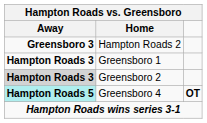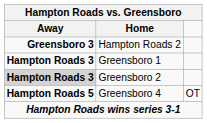 <table class="wikitable">
 <tr>
 <th bgcolor="#DDDDDD" colspan="4">Hampton Roads vs. Greensboro</th>
 </tr>
 <tr>
 <th>Away</th>
 <th>Home</th>
 </tr>
 <tr>
 <td align="right"><strong>Greensboro 3</strong></td>
 <td>Hampton Roads 2</td>
 <td></td>
 </tr>
 <tr>
 <td align="right"><strong>Hampton Roads 3</strong></td>
 <td>Greensboro 1</td>
 <td></td>
 </tr>
 <tr>
 <td align="right" style="background: lightgrey;"><strong>Hampton Roads 3</strong></td>
 <td>Greensboro 2</td>
 <td></td>
 </tr>
 <tr>
-<td align="right" style="background: paleturquoise;"><strong>Hampton Roads 5</strong></td>
+<td align="right"><strong>Hampton Roads 5</strong></td>
 <td>Greensboro 4</td>
-<td><strong>OT</strong></td>
+<td>OT</td>
 </tr>
 <tr align="center">
 <td colspan="4"><strong><em>Hampton Roads wins series 3-1</em></strong></td>
 </tr>
 </table>
